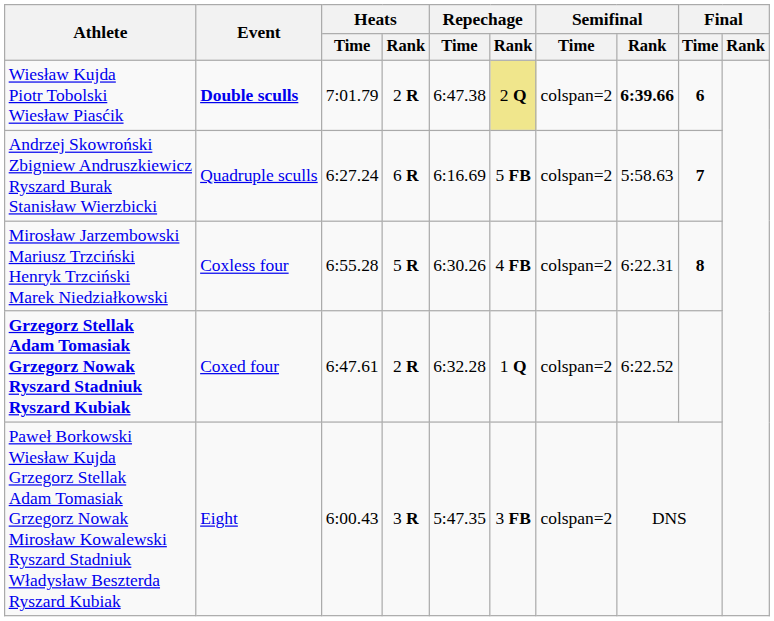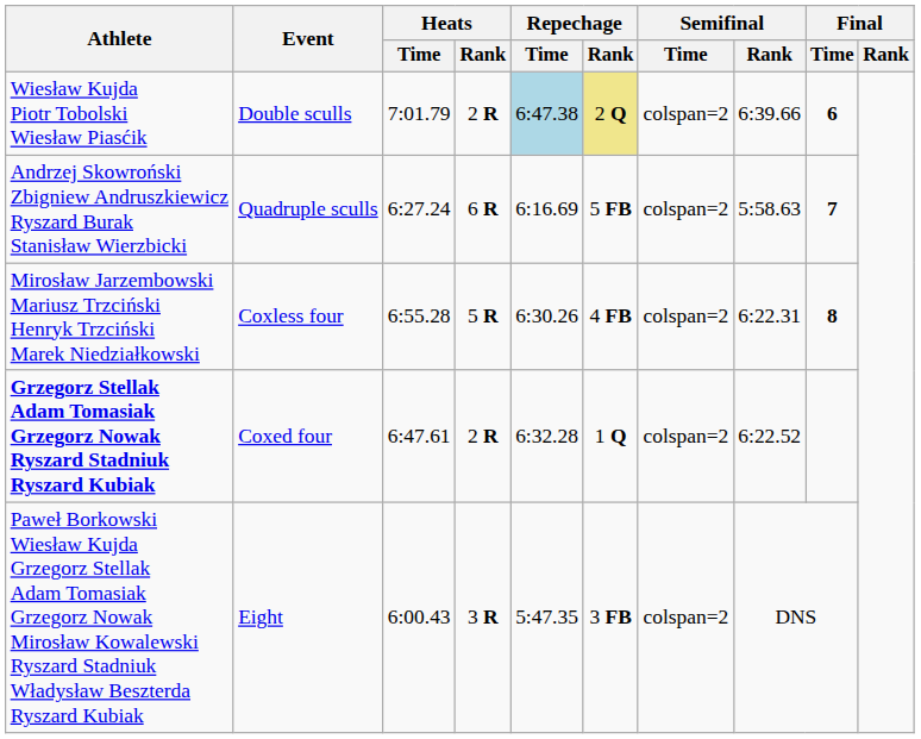 <table class="wikitable" style="font-size:90%">
 <tr>
 <th rowspan="2">Athlete</th>
 <th rowspan="2">Event</th>
 <th colspan="2">Heats</th>
 <th colspan="2">Repechage</th>
 <th colspan="2">Semifinal</th>
 <th colspan="2">Final</th>
 </tr>
 <tr style="font-size:95%">
 <th>Time</th>
 <th>Rank</th>
 <th>Time</th>
 <th>Rank</th>
 <th>Time</th>
 <th>Rank</th>
 <th>Time</th>
 <th>Rank</th>
 </tr>
 <tr align=center>
 <td align=left><a href='#'>Wiesław Kujda</a><br><a href='#'>Piotr Tobolski</a> <br> <a href='#'>Wiesław Piasćik</a></td>
-<td align=left><strong><a href='#'>Double sculls</a></strong></td>
+<td align=left><a href='#'>Double sculls</a></td>
 <td>7:01.79</td>
 <td>2 <strong>R</strong></td>
-<td>6:47.38</td>
+<td style="background: lightblue;">6:47.38</td>
 <td style="background: khaki;">2 <strong>Q</strong></td>
 <td>colspan=2 </td>
-<td><strong>6:39.66</strong></td>
+<td>6:39.66</td>
 <td><strong>6</strong></td>
 </tr>
 <tr align=center>
 <td align=left><a href='#'>Andrzej Skowroński</a><br><a href='#'>Zbigniew Andruszkiewicz</a><br><a href='#'>Ryszard Burak</a><br><a href='#'>Stanisław Wierzbicki</a></td>
 <td align=left><a href='#'>Quadruple sculls</a></td>
 <td>6:27.24</td>
 <td>6 <strong>R</strong></td>
 <td>6:16.69</td>
 <td>5 <strong>FB</strong></td>
 <td>colspan=2 </td>
 <td>5:58.63</td>
 <td><strong>7</strong></td>
 </tr>
 <tr align=center>
 <td align=left><a href='#'>Mirosław Jarzembowski</a><br><a href='#'>Mariusz Trzciński</a><br><a href='#'>Henryk Trzciński</a><br><a href='#'>Marek Niedziałkowski</a></td>
 <td align=left><a href='#'>Coxless four</a></td>
 <td>6:55.28</td>
 <td>5 <strong>R</strong></td>
 <td>6:30.26</td>
 <td>4 <strong>FB</strong></td>
 <td>colspan=2 </td>
 <td>6:22.31</td>
 <td><strong>8</strong></td>
 </tr>
 <tr align=center>
 <td align=left><strong><a href='#'>Grzegorz Stellak</a><br><a href='#'>Adam Tomasiak</a><br><a href='#'>Grzegorz Nowak</a><br><a href='#'>Ryszard Stadniuk</a><br><a href='#'>Ryszard Kubiak</a></strong></td>
 <td align=left><a href='#'>Coxed four</a></td>
 <td>6:47.61</td>
 <td>2 <strong>R</strong></td>
 <td>6:32.28</td>
 <td>1 <strong>Q</strong></td>
 <td>colspan=2 </td>
 <td>6:22.52</td>
 <td></td>
 </tr>
 <tr align=center>
 <td align=left><a href='#'>Paweł Borkowski</a><br><a href='#'>Wiesław Kujda</a><br><a href='#'>Grzegorz Stellak</a><br><a href='#'>Adam Tomasiak</a><br><a href='#'>Grzegorz Nowak</a><br><a href='#'>Mirosław Kowalewski</a><br><a href='#'>Ryszard Stadniuk</a><br><a href='#'>Władysław Beszterda</a><br><a href='#'>Ryszard Kubiak</a></td>
 <td align=left><a href='#'>Eight</a></td>
 <td>6:00.43</td>
 <td>3 <strong>R</strong></td>
 <td>5:47.35</td>
 <td>3 <strong>FB</strong></td>
 <td>colspan=2 </td>
 <td colspan=2>DNS</td>
 </tr>
 </table>
